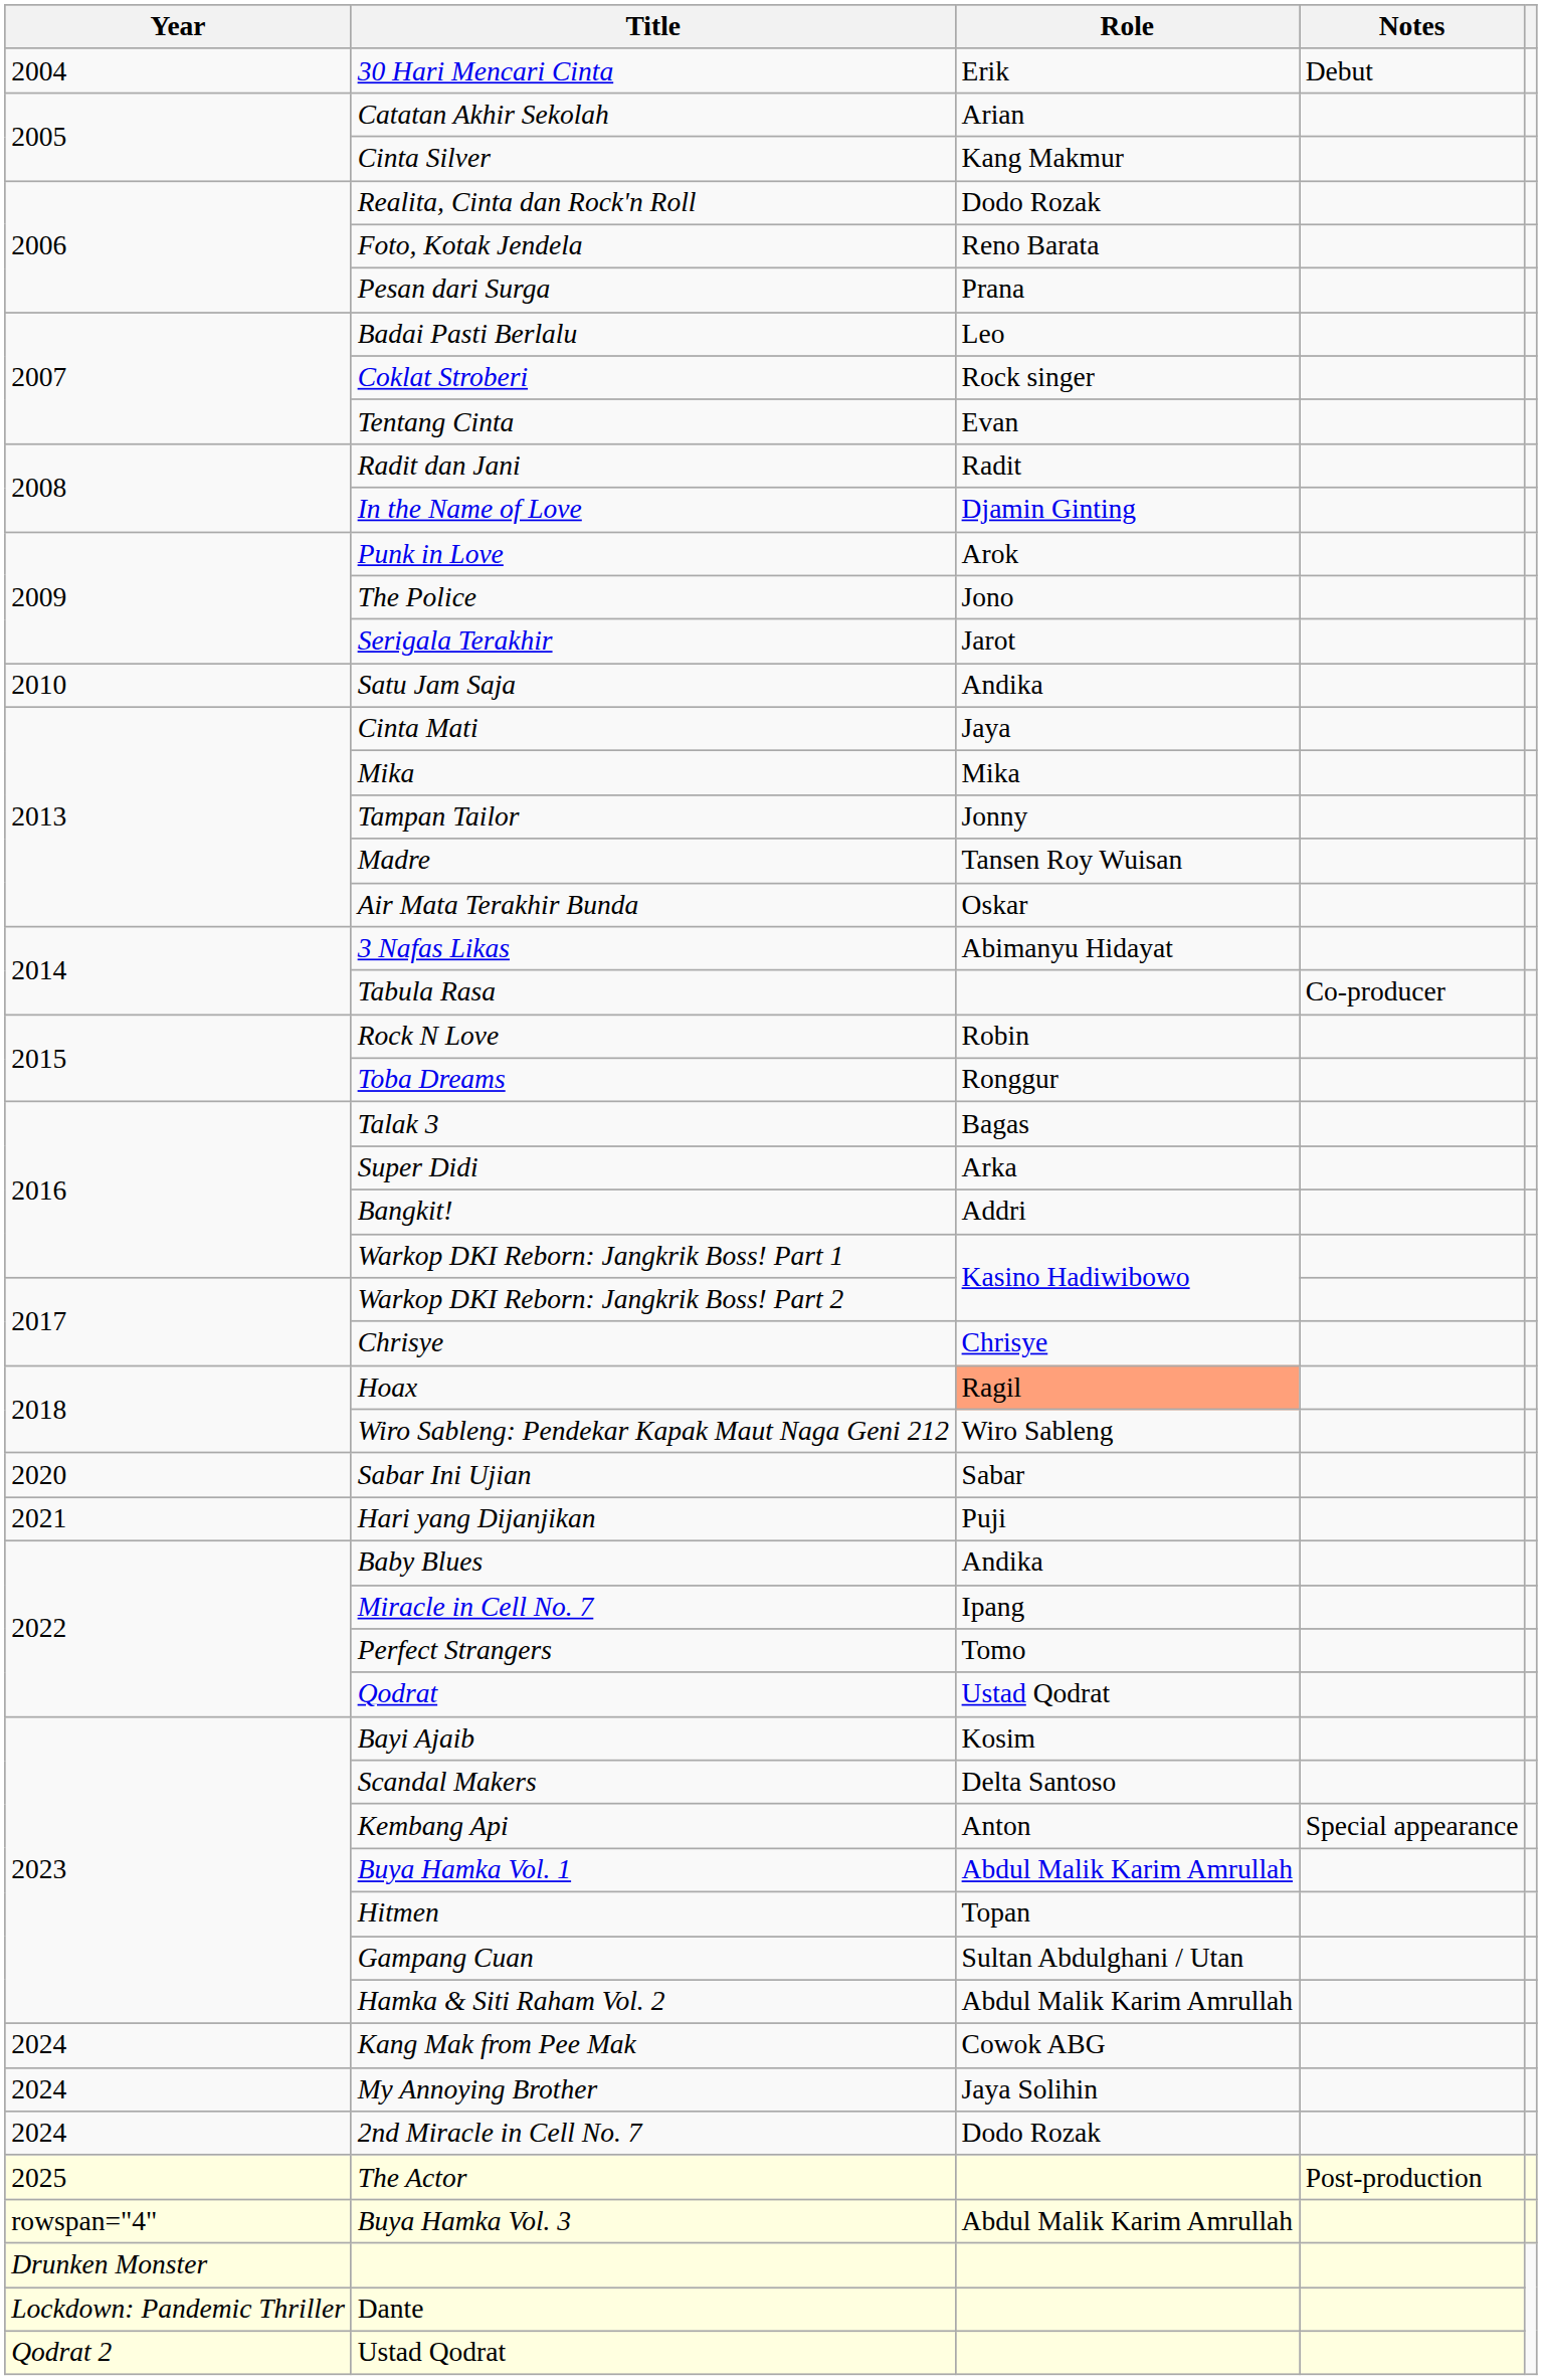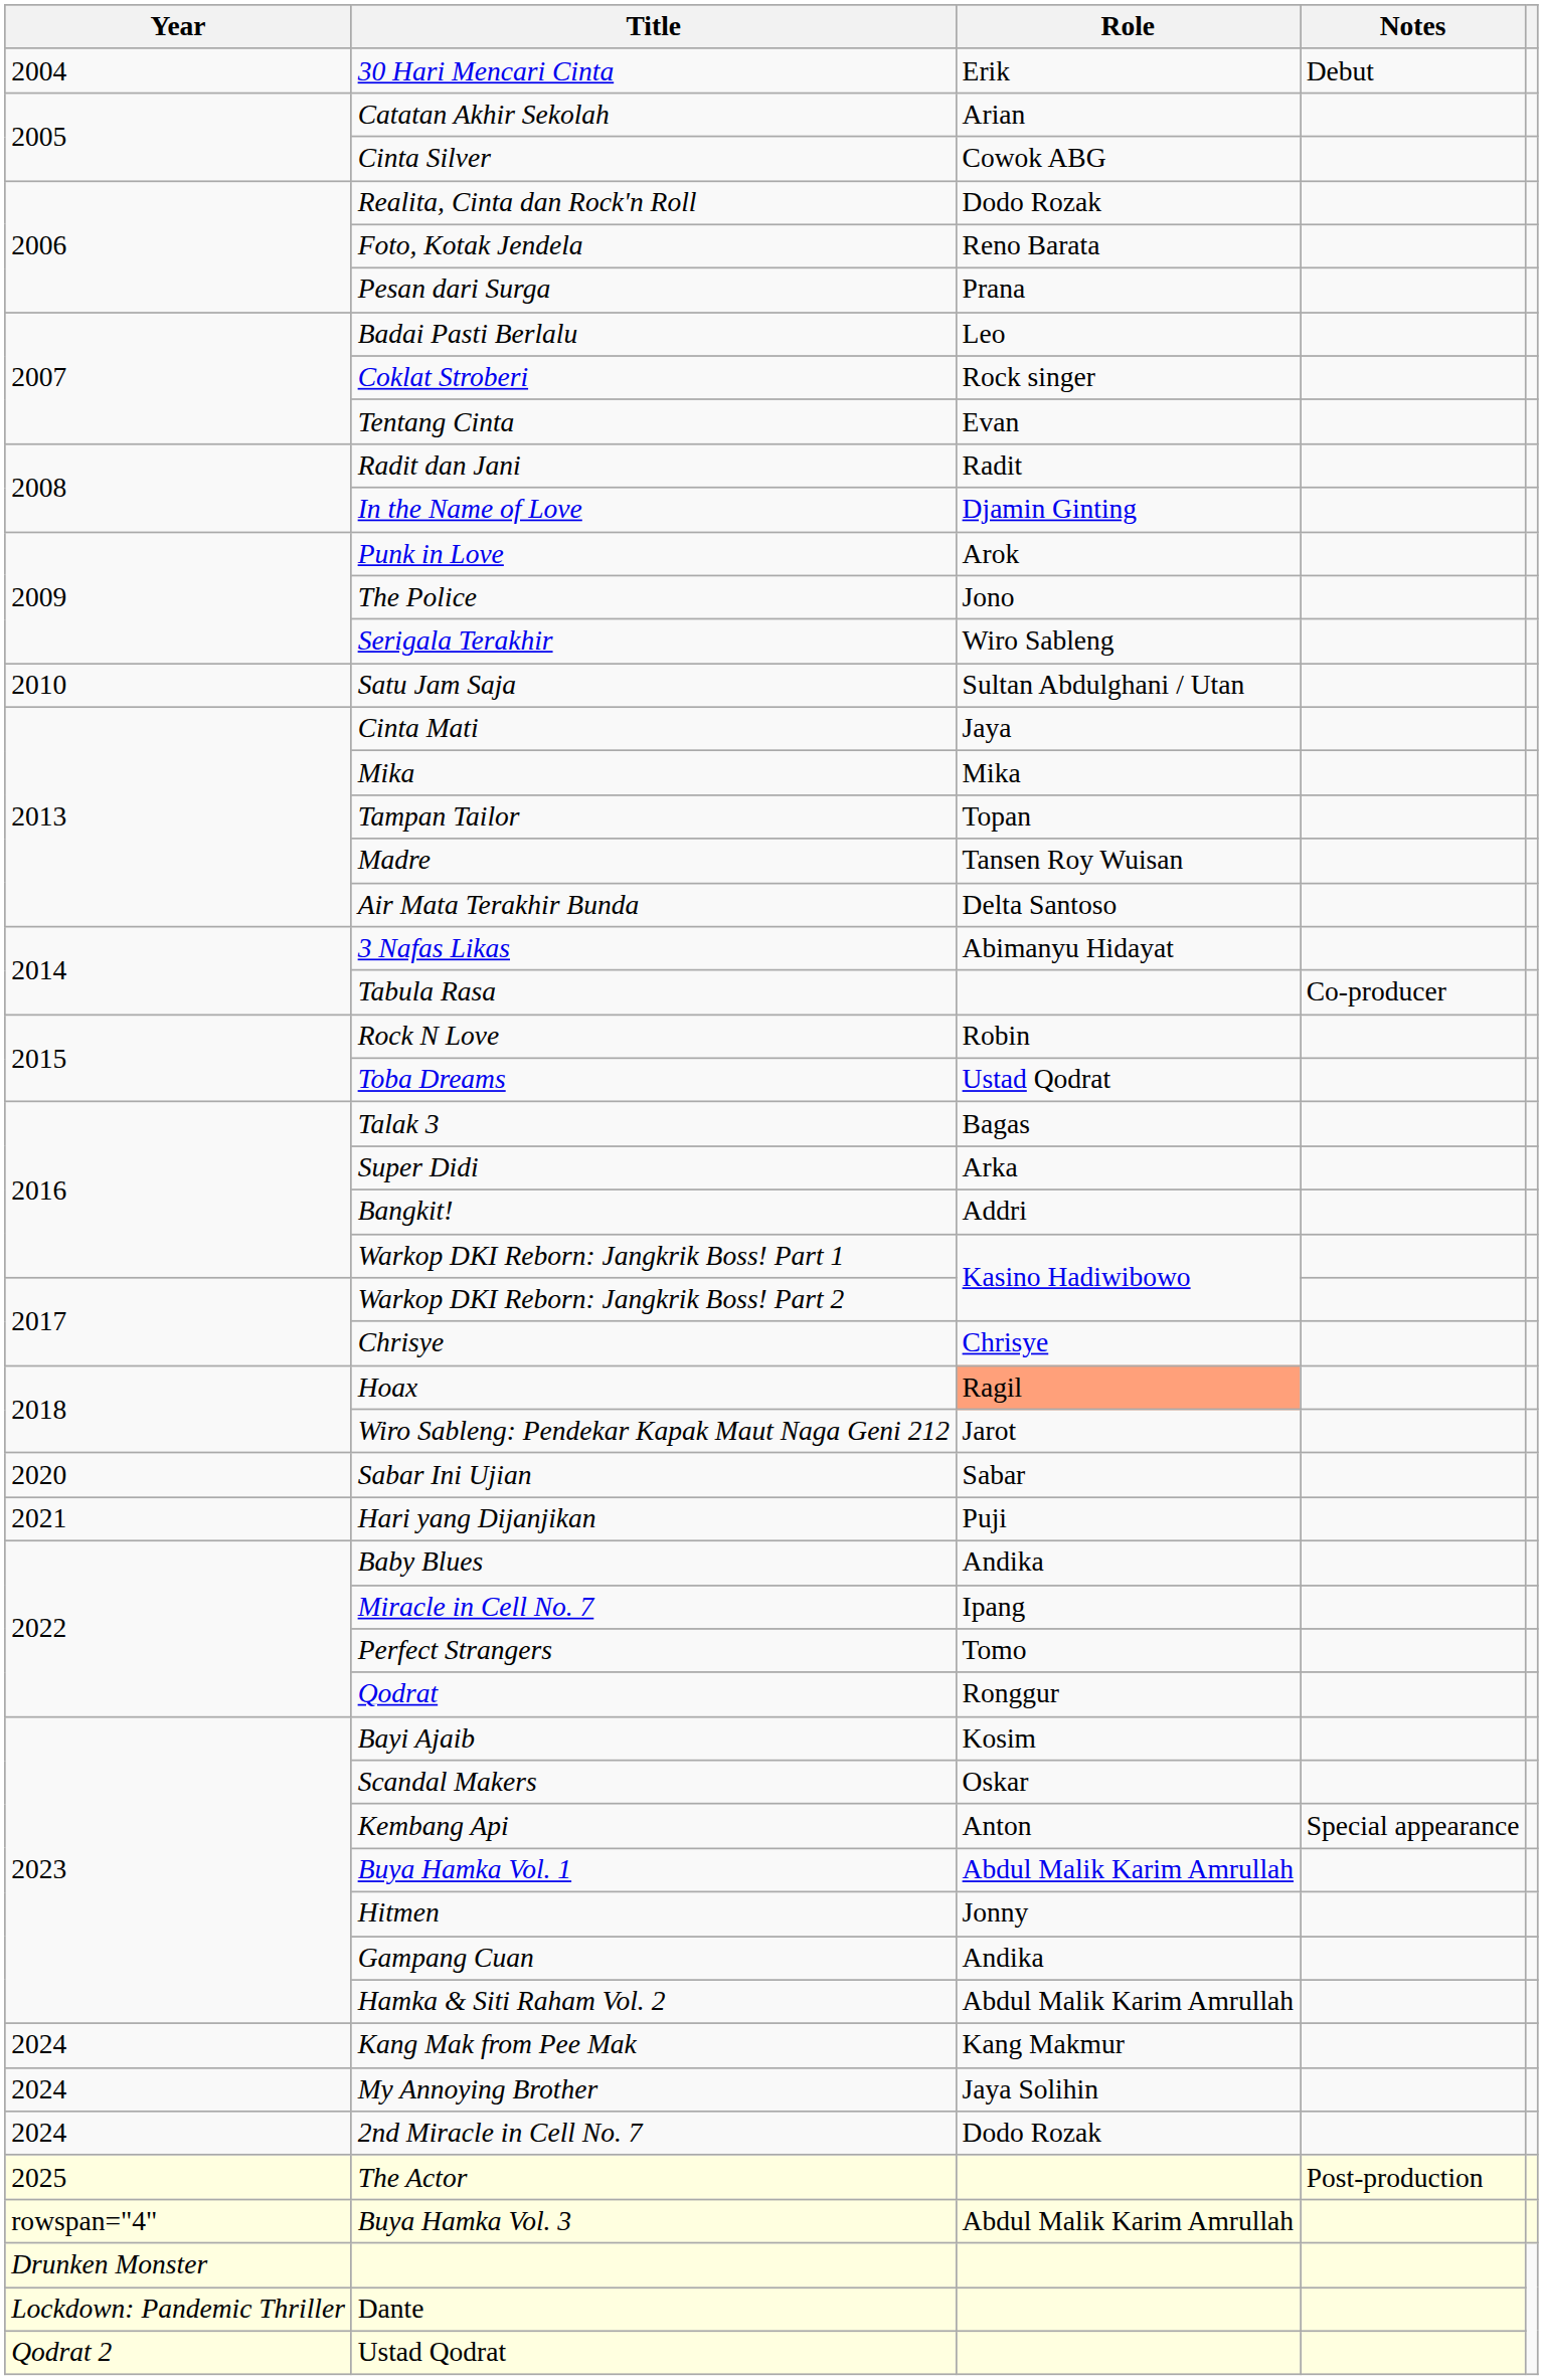 <table class="wikitable plainrowheaders sortable">
 <tr>
 <th scope="col">Year</th>
 <th scope="col">Title</th>
 <th scope="col">Role</th>
 <th scope="col" class="unsortable">Notes</th>
 <th scope="col" class="unsortable"></th>
 </tr>
 <tr>
 <td>2004</td>
 <td><em><a href='#'>30 Hari Mencari Cinta</a></em></td>
 <td>Erik</td>
 <td>Debut</td>
 <td></td>
 </tr>
 <tr>
 <td rowspan="2">2005</td>
 <td><em>Catatan Akhir Sekolah</em></td>
 <td>Arian</td>
 <td></td>
 <td></td>
 </tr>
 <tr>
 <td><em>Cinta Silver</em></td>
-<td>Kang Makmur</td>
+<td>Cowok ABG</td>
 <td></td>
 <td></td>
 </tr>
 <tr>
 <td rowspan="3">2006</td>
 <td><em>Realita, Cinta dan Rock'n Roll</em></td>
 <td>Dodo Rozak</td>
 <td></td>
 <td></td>
 </tr>
 <tr>
 <td><em>Foto, Kotak Jendela</em></td>
 <td>Reno Barata</td>
 <td></td>
 <td></td>
 </tr>
 <tr>
 <td><em>Pesan dari Surga</em></td>
 <td>Prana</td>
 <td></td>
 <td></td>
 </tr>
 <tr>
 <td rowspan="3">2007</td>
 <td><em>Badai Pasti Berlalu</em></td>
 <td>Leo</td>
 <td></td>
 <td></td>
 </tr>
 <tr>
 <td><em><a href='#'>Coklat Stroberi</a></em></td>
 <td>Rock singer</td>
 <td></td>
 <td></td>
 </tr>
 <tr>
 <td><em>Tentang Cinta</em></td>
 <td>Evan</td>
 <td></td>
 <td></td>
 </tr>
 <tr>
 <td rowspan="2">2008</td>
 <td><em>Radit dan Jani</em></td>
 <td>Radit</td>
 <td></td>
 <td></td>
 </tr>
 <tr>
 <td><em><a href='#'>In the Name of Love</a></em></td>
 <td><a href='#'>Djamin Ginting</a></td>
 <td></td>
 <td></td>
 </tr>
 <tr>
 <td rowspan="3">2009</td>
 <td><em><a href='#'>Punk in Love</a></em></td>
 <td>Arok</td>
 <td></td>
 <td></td>
 </tr>
 <tr>
 <td><em>The Police</em></td>
 <td>Jono</td>
 <td></td>
 <td></td>
 </tr>
 <tr>
 <td><em><a href='#'>Serigala Terakhir</a></em></td>
-<td>Jarot</td>
+<td>Wiro Sableng</td>
 <td></td>
 <td></td>
 </tr>
 <tr>
 <td>2010</td>
 <td><em>Satu Jam Saja</em></td>
-<td>Andika</td>
+<td>Sultan Abdulghani / Utan</td>
 <td></td>
 <td></td>
 </tr>
 <tr>
 <td rowspan="5">2013</td>
 <td><em>Cinta Mati</em></td>
 <td>Jaya</td>
 <td></td>
 <td></td>
 </tr>
 <tr>
 <td><em>Mika</em></td>
 <td>Mika</td>
 <td></td>
 <td></td>
 </tr>
 <tr>
 <td><em>Tampan Tailor</em></td>
-<td>Jonny</td>
+<td>Topan</td>
 <td></td>
 <td></td>
 </tr>
 <tr>
 <td><em>Madre</em></td>
 <td>Tansen Roy Wuisan</td>
 <td></td>
 <td></td>
 </tr>
 <tr>
 <td><em>Air Mata Terakhir Bunda</em></td>
-<td>Oskar</td>
+<td>Delta Santoso</td>
 <td></td>
 <td></td>
 </tr>
 <tr>
 <td rowspan="2">2014</td>
 <td><em><a href='#'>3 Nafas Likas</a></em></td>
 <td>Abimanyu Hidayat</td>
 <td></td>
 <td></td>
 </tr>
 <tr>
 <td><em>Tabula Rasa</em></td>
 <td></td>
 <td>Co-producer</td>
 <td></td>
 </tr>
 <tr>
 <td rowspan="2">2015</td>
 <td><em>Rock N Love</em></td>
 <td>Robin</td>
 <td></td>
 <td></td>
 </tr>
 <tr>
 <td><em><a href='#'>Toba Dreams</a></em></td>
-<td>Ronggur</td>
+<td><a href='#'>Ustad</a> Qodrat</td>
 <td></td>
 <td></td>
 </tr>
 <tr>
 <td rowspan="4">2016</td>
 <td><em>Talak 3</em></td>
 <td>Bagas</td>
 <td></td>
 <td></td>
 </tr>
 <tr>
 <td><em>Super Didi</em></td>
 <td>Arka</td>
 <td></td>
 <td></td>
 </tr>
 <tr>
 <td><em>Bangkit!</em></td>
 <td>Addri</td>
 <td></td>
 <td></td>
 </tr>
 <tr>
 <td><em>Warkop DKI Reborn: Jangkrik Boss! Part 1</em></td>
 <td rowspan="2"><a href='#'>Kasino Hadiwibowo</a></td>
 <td></td>
 <td></td>
 </tr>
 <tr>
 <td rowspan="2">2017</td>
 <td><em>Warkop DKI Reborn: Jangkrik Boss! Part 2</em></td>
 <td></td>
 <td></td>
 </tr>
 <tr>
 <td><em>Chrisye</em></td>
 <td><a href='#'>Chrisye</a></td>
 <td></td>
 <td></td>
 </tr>
 <tr>
 <td rowspan="2">2018</td>
 <td><em>Hoax</em></td>
 <td style="background: lightsalmon;">Ragil</td>
 <td></td>
 <td></td>
 </tr>
 <tr>
 <td><em>Wiro Sableng: Pendekar Kapak Maut Naga Geni 212</em></td>
-<td>Wiro Sableng</td>
+<td>Jarot</td>
 <td></td>
 <td></td>
 </tr>
 <tr>
 <td>2020</td>
 <td><em>Sabar Ini Ujian</em></td>
 <td>Sabar</td>
 <td></td>
 <td></td>
 </tr>
 <tr>
 <td>2021</td>
 <td><em>Hari yang Dijanjikan</em></td>
 <td>Puji</td>
 <td></td>
 <td></td>
 </tr>
 <tr>
 <td rowspan="4">2022</td>
 <td><em>Baby Blues</em></td>
 <td>Andika</td>
 <td></td>
 <td></td>
 </tr>
 <tr>
 <td><em><a href='#'>Miracle in Cell No. 7</a></em></td>
 <td>Ipang</td>
 <td></td>
 <td></td>
 </tr>
 <tr>
 <td><em>Perfect Strangers</em></td>
 <td>Tomo</td>
 <td></td>
 <td></td>
 </tr>
 <tr>
 <td><em><a href='#'>Qodrat</a></em></td>
-<td><a href='#'>Ustad</a> Qodrat</td>
+<td>Ronggur</td>
 <td></td>
 <td></td>
 </tr>
 <tr>
 <td rowspan="7">2023</td>
 <td><em>Bayi Ajaib</em></td>
 <td>Kosim</td>
 <td></td>
 <td></td>
 </tr>
 <tr>
 <td><em>Scandal Makers</em></td>
-<td>Delta Santoso</td>
+<td>Oskar</td>
 <td></td>
 <td></td>
 </tr>
 <tr>
 <td><em>Kembang Api</em></td>
 <td>Anton</td>
 <td>Special appearance</td>
 <td></td>
 </tr>
 <tr>
 <td><em><a href='#'>Buya Hamka Vol. 1</a></em></td>
 <td><a href='#'>Abdul Malik Karim Amrullah</a></td>
 <td></td>
 <td></td>
 </tr>
 <tr>
 <td><em>Hitmen</em></td>
-<td>Topan</td>
+<td>Jonny</td>
 <td></td>
 <td></td>
 </tr>
 <tr>
 <td><em>Gampang Cuan</em></td>
-<td>Sultan Abdulghani / Utan</td>
+<td>Andika</td>
 <td></td>
 <td></td>
 </tr>
 <tr>
 <td><em>Hamka & Siti Raham Vol. 2</em></td>
 <td>Abdul Malik Karim Amrullah</td>
 <td></td>
 <td></td>
 </tr>
 <tr>
 <td>2024</td>
 <td><em>Kang Mak from Pee Mak</em></td>
-<td>Cowok ABG</td>
+<td>Kang Makmur</td>
 <td></td>
 <td></td>
 </tr>
 <tr>
 <td>2024</td>
 <td><em>My Annoying Brother</em></td>
 <td>Jaya Solihin</td>
 <td></td>
 <td></td>
 </tr>
 <tr>
 <td>2024</td>
 <td><em>2nd Miracle in Cell No. 7</em></td>
 <td>Dodo Rozak</td>
 <td></td>
 <td></td>
 </tr>
 <tr style="background-color:#FFFFE0; color:black;">
 <td>2025</td>
 <td><em>The Actor</em> </td>
 <td></td>
 <td>Post-production</td>
 <td></td>
 </tr>
 <tr style="background-color:#FFFFE0; color:black;">
 <td>rowspan="4" </td>
 <td><em>Buya Hamka Vol. 3</em> </td>
 <td>Abdul Malik Karim Amrullah</td>
 <td></td>
 <td></td>
 </tr>
 <tr style="background-color:#FFFFE0; color:black;">
 <td><em>Drunken Monster</em> </td>
 <td></td>
 <td></td>
 <td></td>
 </tr>
 <tr style="background-color:#FFFFE0; color:black;">
 <td><em>Lockdown: Pandemic Thriller</em> </td>
 <td>Dante</td>
 <td></td>
 <td></td>
 </tr>
 <tr style="background-color:#FFFFE0; color:black;">
 <td><em>Qodrat 2</em> </td>
 <td>Ustad Qodrat</td>
 <td></td>
 <td></td>
 </tr>
 </table>
